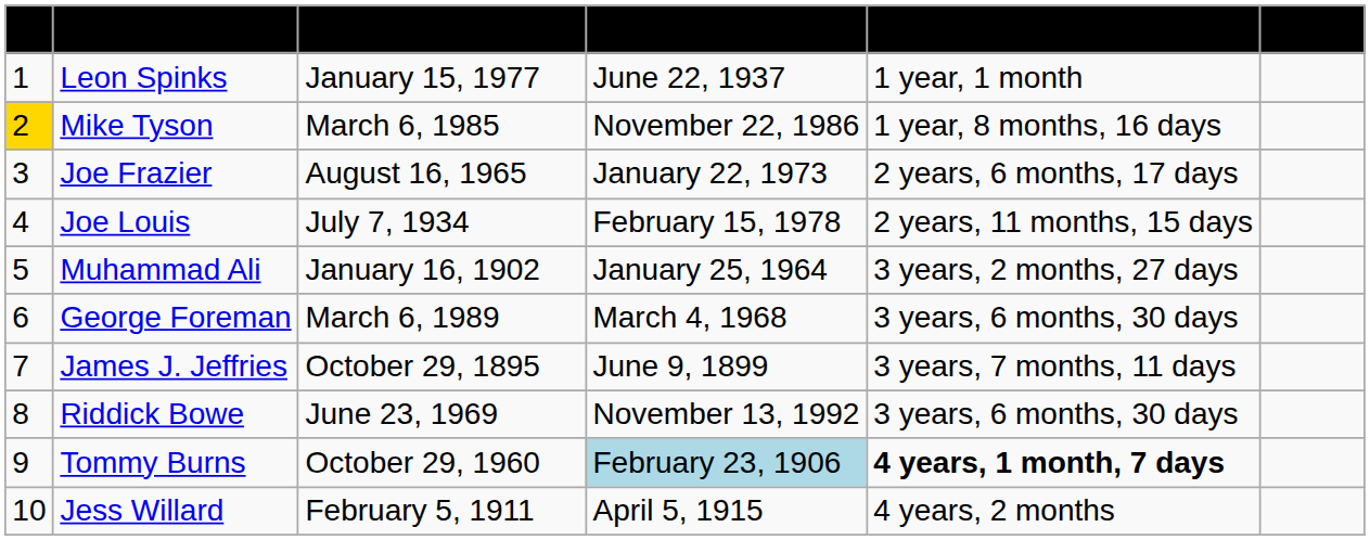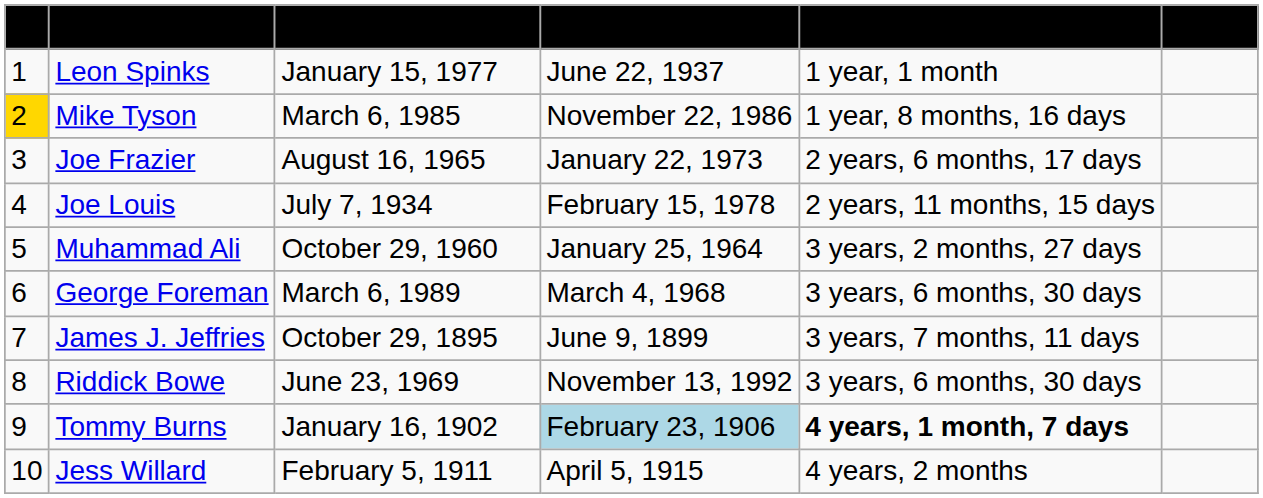 <table class="wikitable sortable" style="margin:0 .5em .5em 0; margin-top:.5em; margin-bottom:.5em; border:1px solid #CCC; border-collapse:collapse; text-align:left;">
 <tr>
 <th style="background: #D1EEEE; background: black;« width=»10%"><span></span></th>
 <th style="background: #D1EEEE; background: black;« width=»10%"><span>Name</span></th>
 <th style="background: #D1EEEE; background: black;« width=»10%"><span>Professional debut</span></th>
 <th style="background: #D1EEEE; background: black;« width=»10%"><span>World title win</span></th>
 <th style="background: #D1EEEE; background: black;« width=»10%"><span>Time elapsed</span></th>
 <th style="background: #D1EEEE; background: black;« width=»10%"><span>Fights</span></th>
 </tr>
 <tr>
 <td>1</td>
 <td><a href='#'>Leon Spinks</a></td>
 <td>January 15, 1977</td>
 <td>June 22, 1937</td>
 <td>1 year, 1 month</td>
 <td></td>
 </tr>
 <tr>
 <td style="background: gold;">2</td>
 <td><a href='#'>Mike Tyson</a></td>
 <td>March 6, 1985</td>
 <td>November 22, 1986</td>
 <td>1 year, 8 months, 16 days</td>
 <td></td>
 </tr>
 <tr>
 <td>3</td>
 <td><a href='#'>Joe Frazier</a></td>
 <td>August 16, 1965</td>
 <td>January 22, 1973</td>
 <td>2 years, 6 months, 17 days</td>
 <td></td>
 </tr>
 <tr>
 <td>4</td>
 <td><a href='#'>Joe Louis</a></td>
 <td>July 7, 1934</td>
 <td>February 15, 1978</td>
 <td>2 years, 11 months, 15 days</td>
 <td></td>
 </tr>
 <tr>
 <td>5</td>
 <td><a href='#'>Muhammad Ali</a></td>
-<td>January 16, 1902</td>
+<td>October 29, 1960</td>
 <td>January 25, 1964</td>
 <td>3 years, 2 months, 27 days</td>
 <td></td>
 </tr>
 <tr>
 <td>6</td>
 <td><a href='#'>George Foreman</a></td>
 <td>March 6, 1989</td>
 <td>March 4, 1968</td>
 <td>3 years, 6 months, 30 days</td>
 <td></td>
 </tr>
 <tr>
 <td>7</td>
 <td><a href='#'>James J. Jeffries</a></td>
 <td>October 29, 1895</td>
 <td>June 9, 1899</td>
 <td>3 years, 7 months, 11 days</td>
 <td></td>
 </tr>
 <tr>
 <td>8</td>
 <td><a href='#'>Riddick Bowe</a></td>
 <td>June 23, 1969</td>
 <td>November 13, 1992</td>
 <td>3 years, 6 months, 30 days</td>
 <td></td>
 </tr>
 <tr>
 <td>9</td>
 <td><a href='#'>Tommy Burns</a></td>
-<td>October 29, 1960</td>
+<td>January 16, 1902</td>
 <td style="background: lightblue;">February 23, 1906</td>
 <td><strong>4 years, 1 month, 7 days</strong></td>
 <td></td>
 </tr>
 <tr>
 <td>10</td>
 <td><a href='#'>Jess Willard</a></td>
 <td>February 5, 1911</td>
 <td>April 5, 1915</td>
 <td>4 years, 2 months</td>
 <td></td>
 </tr>
 </table>
